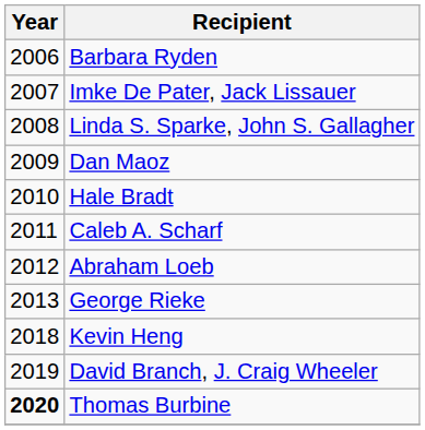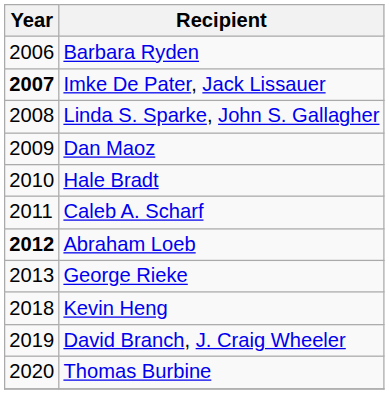 <table class="wikitable">
 <tr ---->
 <th>Year</th>
 <th>Recipient</th>
 </tr>
 <tr ---->
 <td>2006</td>
 <td><a href='#'>Barbara Ryden</a></td>
 </tr>
 <tr ---->
-<td>2007</td>
+<td><strong>2007</strong></td>
 <td><a href='#'>Imke De Pater</a>, <a href='#'>Jack Lissauer</a></td>
 </tr>
 <tr ---->
 <td>2008</td>
 <td><a href='#'>Linda S. Sparke</a>, <a href='#'>John S. Gallagher</a></td>
 </tr>
 <tr ---->
 <td>2009</td>
 <td><a href='#'>Dan Maoz</a></td>
 </tr>
 <tr ---->
 <td>2010</td>
 <td><a href='#'>Hale Bradt</a></td>
 </tr>
 <tr ---->
 <td>2011</td>
 <td><a href='#'>Caleb A. Scharf</a></td>
 </tr>
 <tr ---->
-<td>2012</td>
+<td><strong>2012</strong></td>
 <td><a href='#'>Abraham Loeb</a></td>
 </tr>
 <tr ---->
 <td>2013</td>
 <td><a href='#'>George Rieke</a></td>
 </tr>
 <tr ---->
 <td>2018</td>
 <td><a href='#'>Kevin Heng</a></td>
 </tr>
 <tr ---->
 <td>2019</td>
 <td><a href='#'>David Branch</a>, <a href='#'>J. Craig Wheeler</a></td>
 </tr>
 <tr ---->
-<td><strong>2020</strong></td>
+<td>2020</td>
 <td><a href='#'>Thomas Burbine </a></td>
 </tr>
 <tr ---->
 </tr>
 </table>
